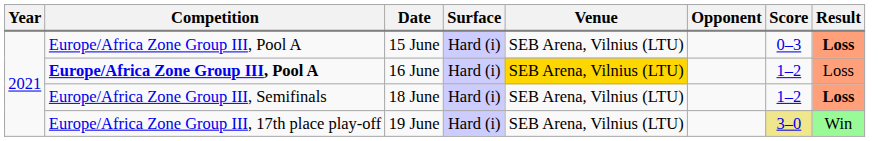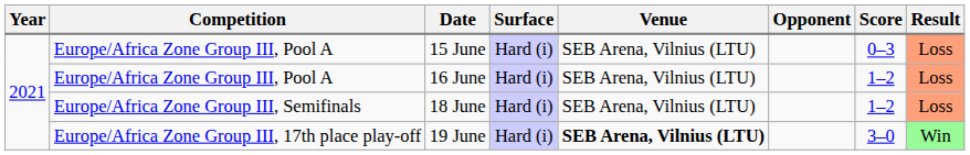 <table class="wikitable sortable">
 <tr>
 <th scope="col">Year</th>
 <th scope="col">Competition</th>
 <th scope="col">Date</th>
 <th scope="col">Surface</th>
 <th scope="col">Venue</th>
 <th scope="col">Opponent</th>
 <th scope="col">Score</th>
 <th scope="col">Result</th>
 </tr>
 <tr style="border-top:2px solid gray;">
 <td align="center" rowspan="4"><a href='#'>2021</a></td>
 <td><a href='#'>Europe/Africa Zone Group III</a>, Pool A</td>
 <td>15 June</td>
 <td align="center" bgcolor=ccccff>Hard (i)</td>
 <td>SEB Arena, Vilnius (LTU)</td>
 <td></td>
 <td align="center"><a href='#'>0–3</a></td>
-<td align="center" bgcolor="#FFA07A"><strong>Loss</strong></td>
+<td align="center" bgcolor="#FFA07A">Loss</td>
 </tr>
 <tr>
-<td><strong><a href='#'>Europe/Africa Zone Group III</a>, Pool A</strong></td>
+<td><a href='#'>Europe/Africa Zone Group III</a>, Pool A</td>
 <td>16 June</td>
 <td align="center" bgcolor=ccccff>Hard (i)</td>
-<td style="background: gold;">SEB Arena, Vilnius (LTU)</td>
+<td>SEB Arena, Vilnius (LTU)</td>
 <td></td>
 <td align="center"><a href='#'>1–2</a></td>
 <td align="center" bgcolor="#FFA07A">Loss</td>
 </tr>
 <tr>
 <td><a href='#'>Europe/Africa Zone Group III</a>, Semifinals</td>
 <td>18 June</td>
 <td align="center" bgcolor=ccccff>Hard (i)</td>
 <td>SEB Arena, Vilnius (LTU)</td>
 <td></td>
 <td align="center"><a href='#'>1–2</a></td>
-<td align="center" bgcolor="#FFA07A"><strong>Loss</strong></td>
+<td align="center" bgcolor="#FFA07A">Loss</td>
 </tr>
 <tr>
 <td><a href='#'>Europe/Africa Zone Group III</a>, 17th place play-off</td>
 <td>19 June</td>
 <td align="center" bgcolor=ccccff>Hard (i)</td>
-<td>SEB Arena, Vilnius (LTU)</td>
+<td><strong>SEB Arena, Vilnius (LTU)</strong></td>
 <td></td>
-<td align="center" style="background: khaki;"><a href='#'>3–0</a></td>
+<td align="center"><a href='#'>3–0</a></td>
 <td align="center" bgcolor="#98FB98">Win</td>
 </tr>
 </table>
